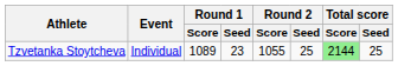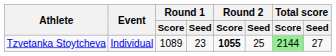 <table class="wikitable" style="font-size:90%">
 <tr>
 <th rowspan="2">Athlete</th>
 <th rowspan="2">Event</th>
 <th colspan="2">Round 1</th>
 <th colspan="2">Round 2</th>
 <th colspan="2">Total score</th>
 </tr>
 <tr style="font-size:95%">
 <th>Score</th>
 <th>Seed</th>
 <th>Score</th>
 <th>Seed</th>
 <th>Score</th>
 <th>Seed</th>
 </tr>
 <tr align=center>
 <td align=left><a href='#'>Tzvetanka Stoytcheva</a></td>
 <td style="text-align:left"><a href='#'>Individual</a></td>
 <td>1089</td>
 <td>23</td>
-<td>1055</td>
+<td><strong>1055</strong></td>
 <td>25</td>
 <td style="background: lightgreen;">2144</td>
-<td>25</td>
+<td>27</td>
 </tr>
 </table>
